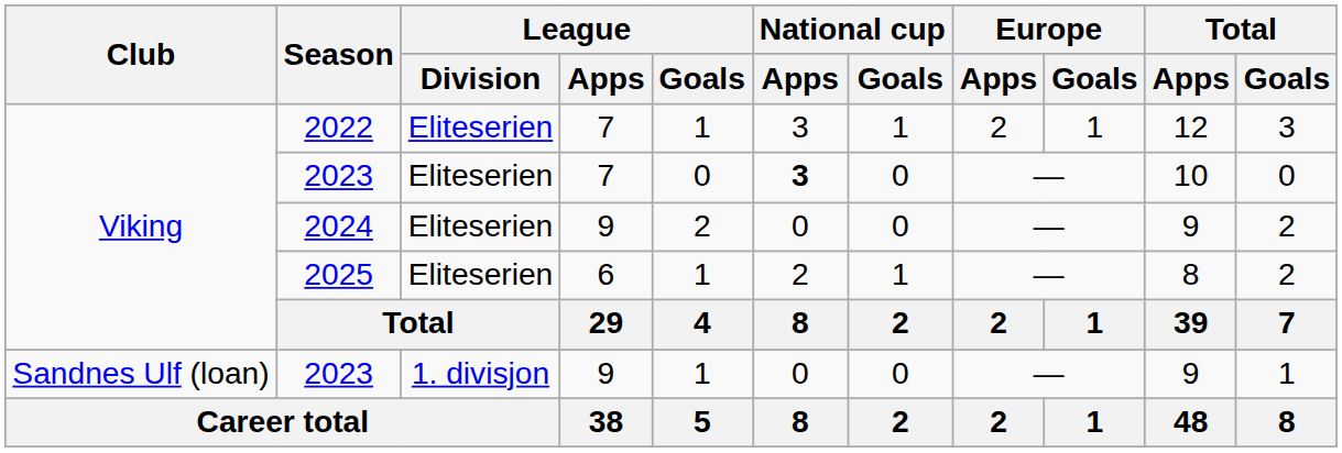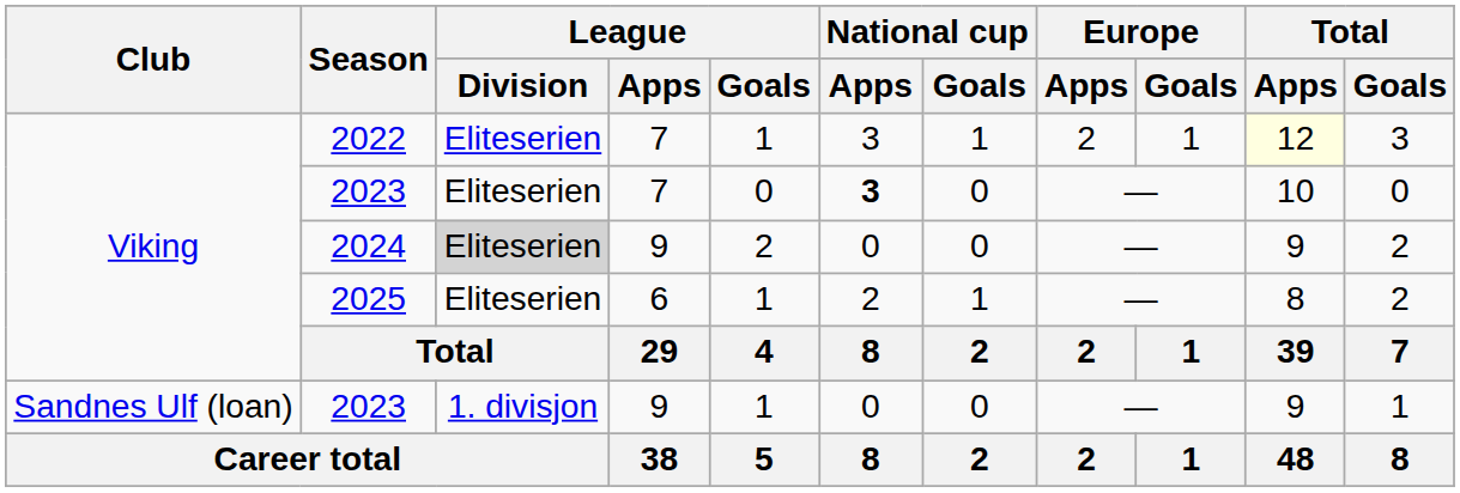 <table class="wikitable" style="text-align: center;">
 <tr>
 <th rowspan="2">Club</th>
 <th rowspan="2">Season</th>
 <th colspan="3">League</th>
 <th colspan="2">National cup</th>
 <th colspan="2">Europe</th>
 <th colspan="2">Total</th>
 </tr>
 <tr>
 <th>Division</th>
 <th>Apps</th>
 <th>Goals</th>
 <th>Apps</th>
 <th>Goals</th>
 <th>Apps</th>
 <th>Goals</th>
 <th>Apps</th>
 <th>Goals</th>
 </tr>
 <tr>
 <td rowspan="5"><a href='#'>Viking</a></td>
 <td><a href='#'>2022</a></td>
 <td><a href='#'>Eliteserien</a></td>
 <td>7</td>
 <td>1</td>
 <td>3</td>
 <td>1</td>
 <td>2</td>
 <td>1</td>
-<td>12</td>
+<td style="background: lightyellow;">12</td>
 <td>3</td>
 </tr>
 <tr>
 <td><a href='#'>2023</a></td>
 <td>Eliteserien</td>
 <td>7</td>
 <td>0</td>
 <td><strong>3</strong></td>
 <td>0</td>
 <td colspan="2">—</td>
 <td>10</td>
 <td>0</td>
 </tr>
 <tr>
 <td><a href='#'>2024</a></td>
-<td>Eliteserien</td>
+<td style="background: lightgrey;">Eliteserien</td>
 <td>9</td>
 <td>2</td>
 <td>0</td>
 <td>0</td>
 <td colspan="2">—</td>
 <td>9</td>
 <td>2</td>
 </tr>
 <tr>
 <td><a href='#'>2025</a></td>
 <td>Eliteserien</td>
 <td>6</td>
 <td>1</td>
 <td>2</td>
 <td>1</td>
 <td colspan="2">—</td>
 <td>8</td>
 <td>2</td>
 </tr>
 <tr>
 <th colspan="2">Total</th>
 <th>29</th>
 <th>4</th>
 <th>8</th>
 <th>2</th>
 <th>2</th>
 <th>1</th>
 <th>39</th>
 <th>7</th>
 </tr>
 <tr>
 <td><a href='#'>Sandnes Ulf</a> (loan)</td>
 <td><a href='#'>2023</a></td>
 <td><a href='#'>1. divisjon</a></td>
 <td>9</td>
 <td>1</td>
 <td>0</td>
 <td>0</td>
 <td colspan="2">—</td>
 <td>9</td>
 <td>1</td>
 </tr>
 <tr>
 <th colspan="3">Career total</th>
 <th>38</th>
 <th>5</th>
 <th>8</th>
 <th>2</th>
 <th>2</th>
 <th>1</th>
 <th>48</th>
 <th>8</th>
 </tr>
 </table>
